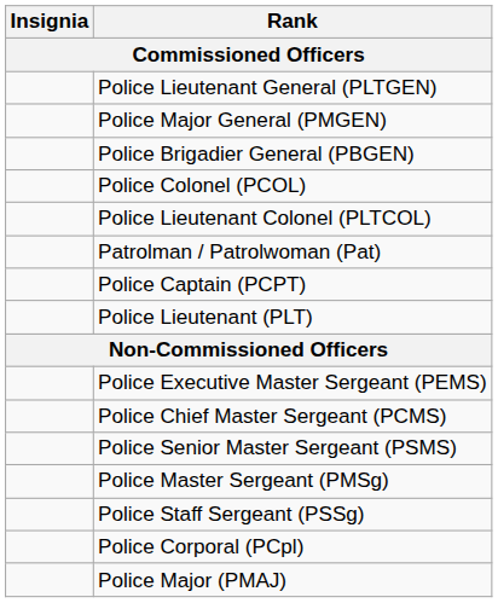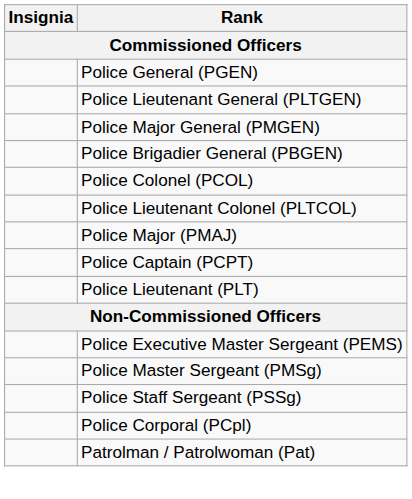 <table class="wikitable" style="display: inline-table;">
 <tr>
 <th width=30px>Insignia</th>
 <th>Rank</th>
 </tr>
 <tr>
 <th colspan="2">Commissioned Officers</th>
+</tr>
+<tr>
+<td></td>
+<td>Police General (PGEN)</td>
 </tr>
 <tr>
 <td></td>
 <td>Police Lieutenant General (PLTGEN)</td>
 </tr>
 <tr>
 <td></td>
 <td>Police Major General (PMGEN)</td>
 </tr>
 <tr>
 <td></td>
 <td>Police Brigadier General (PBGEN)</td>
 </tr>
 <tr>
 <td></td>
 <td>Police Colonel (PCOL)</td>
 </tr>
 <tr>
 <td></td>
 <td>Police Lieutenant Colonel (PLTCOL)</td>
 </tr>
 <tr>
 <td></td>
-<td>Patrolman / Patrolwoman (Pat)</td>
+<td>Police Major (PMAJ)</td>
 </tr>
 <tr>
 <td></td>
 <td>Police Captain (PCPT)</td>
 </tr>
 <tr>
 <td></td>
 <td>Police Lieutenant (PLT)</td>
 </tr>
 <tr>
 <th colspan="2">Non-Commissioned Officers</th>
 </tr>
 <tr>
 <td></td>
 <td>Police Executive Master Sergeant (PEMS)</td>
 </tr>
 <tr>
 <td></td>
-<td>Police Chief Master Sergeant (PCMS)</td>
-</tr>
-<tr>
-<td></td>
-<td>Police Senior Master Sergeant (PSMS)</td>
-</tr>
-<tr>
-<td></td>
 <td>Police Master Sergeant (PMSg)</td>
 </tr>
 <tr>
 <td></td>
 <td>Police Staff Sergeant (PSSg)</td>
 </tr>
 <tr>
 <td></td>
 <td>Police Corporal (PCpl)</td>
 </tr>
 <tr>
 <td></td>
-<td>Police Major (PMAJ)</td>
+<td>Patrolman / Patrolwoman (Pat)</td>
 </tr>
 </table>
